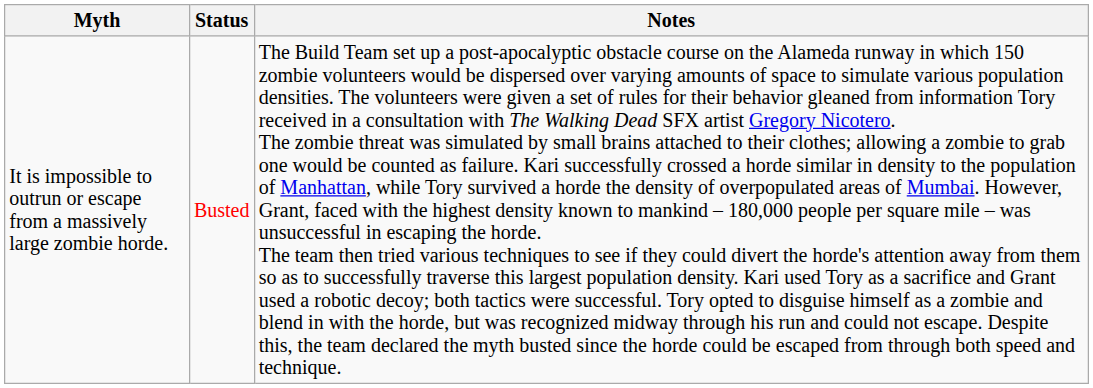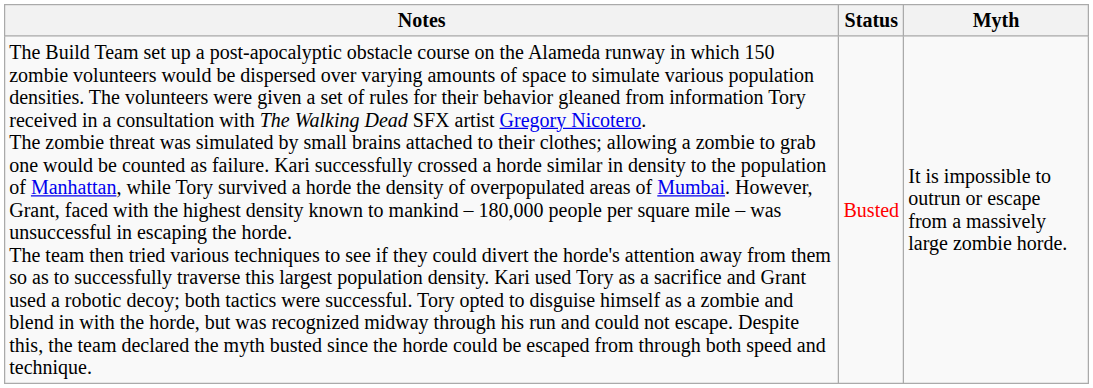 <table class="wikitable plainrowheaders">
 <tr>
+<th scope="col">Notes</th>
+<th scope="col">Status</th>
 <th scope="col">Myth</th>
-<th scope="col">Status</th>
-<th scope="col">Notes</th>
 </tr>
 <tr>
+<td>The Build Team set up a post-apocalyptic obstacle course on the Alameda runway in which 150 zombie volunteers would be dispersed over varying amounts of space to simulate various population densities. The volunteers were given a set of rules for their behavior gleaned from information Tory received in a consultation with <em>The Walking Dead</em> SFX artist <a href='#'>Gregory Nicotero</a>.<br>The zombie threat was simulated by small brains attached to their clothes; allowing a zombie to grab one would be counted as failure. Kari successfully crossed a horde similar in density to the population of <a href='#'>Manhattan</a>, while Tory survived a horde the density of overpopulated areas of <a href='#'>Mumbai</a>. However, Grant, faced with the highest density known to mankind – 180,000 people per square mile – was unsuccessful in escaping the horde.<br>The team then tried various techniques to see if they could divert the horde's attention away from them so as to successfully traverse this largest population density. Kari used Tory as a sacrifice and Grant used a robotic decoy; both tactics were successful. Tory opted to disguise himself as a zombie and blend in with the horde, but was recognized midway through his run and could not escape. Despite this, the team declared the myth busted since the horde could be escaped from through both speed and technique.</td>
+<td style="color:red">Busted</td>
 <td scope="row">It is impossible to outrun or escape from a massively large zombie horde.</td>
-<td style="color:red">Busted</td>
-<td>The Build Team set up a post-apocalyptic obstacle course on the Alameda runway in which 150 zombie volunteers would be dispersed over varying amounts of space to simulate various population densities. The volunteers were given a set of rules for their behavior gleaned from information Tory received in a consultation with <em>The Walking Dead</em> SFX artist <a href='#'>Gregory Nicotero</a>.<br>The zombie threat was simulated by small brains attached to their clothes; allowing a zombie to grab one would be counted as failure. Kari successfully crossed a horde similar in density to the population of <a href='#'>Manhattan</a>, while Tory survived a horde the density of overpopulated areas of <a href='#'>Mumbai</a>. However, Grant, faced with the highest density known to mankind – 180,000 people per square mile – was unsuccessful in escaping the horde.<br>The team then tried various techniques to see if they could divert the horde's attention away from them so as to successfully traverse this largest population density. Kari used Tory as a sacrifice and Grant used a robotic decoy; both tactics were successful. Tory opted to disguise himself as a zombie and blend in with the horde, but was recognized midway through his run and could not escape. Despite this, the team declared the myth busted since the horde could be escaped from through both speed and technique.</td>
 </tr>
 </table>
